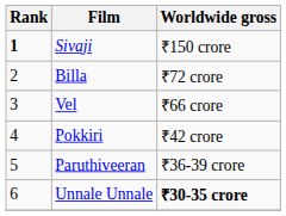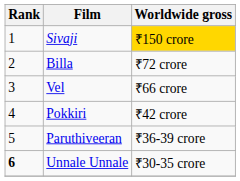 <table class="wikitable sortable" style="margin:auto; margin:auto">
 <tr>
 <th>Rank</th>
 <th>Film</th>
 <th>Worldwide gross</th>
 </tr>
 <tr>
-<td><strong>1</strong></td>
+<td>1</td>
 <td><em><a href='#'>Sivaji</a></em></td>
-<td>₹150 crore</td>
+<td style="background: gold;">₹150 crore</td>
 </tr>
 <tr>
 <td>2</td>
 <td><a href='#'>Billa</a></td>
 <td>₹72 crore</td>
 </tr>
 <tr>
 <td>3</td>
 <td><a href='#'>Vel</a></td>
 <td>₹66 crore</td>
 </tr>
 <tr>
 <td>4</td>
 <td><a href='#'>Pokkiri</a></td>
 <td>₹42 crore</td>
 </tr>
 <tr>
 <td>5</td>
 <td><a href='#'>Paruthiveeran</a></td>
 <td>₹36-39 crore</td>
 </tr>
 <tr>
-<td>6</td>
+<td><strong>6</strong></td>
 <td><a href='#'>Unnale Unnale</a></td>
-<td><strong>₹30-35 crore</strong></td>
+<td>₹30-35 crore</td>
 </tr>
 <tr>
 </tr>
 </table>
